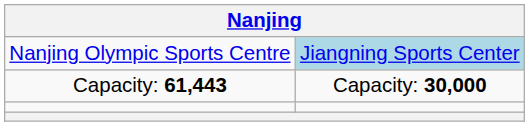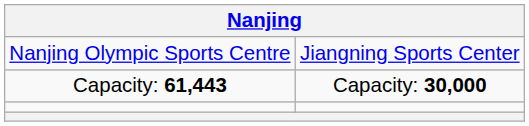 <table class="wikitable" style="text-align:center">
 <tr>
 <th colspan=2><a href='#'>Nanjing</a></th>
 </tr>
 <tr>
 <td><a href='#'>Nanjing Olympic Sports Centre</a></td>
-<td style="background: lightblue;"><a href='#'>Jiangning Sports Center</a></td>
+<td><a href='#'>Jiangning Sports Center</a></td>
 </tr>
 <tr>
 <td>Capacity: <strong>61,443</strong></td>
 <td>Capacity: <strong>30,000</strong></td>
 </tr>
 <tr>
 <td></td>
 <td></td>
 </tr>
 <tr>
 <th colspan="2" rowspan="4"></th>
 </tr>
 </table>
